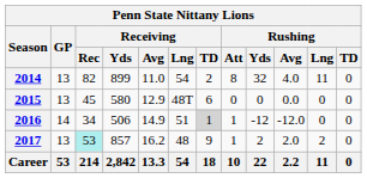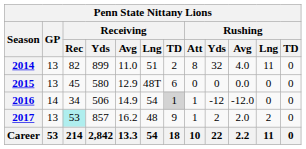 <table class=wikitable style="text-align:center;">
 <tr>
 <th colspan="12">Penn State Nittany Lions</th>
 </tr>
 <tr>
 <th rowspan="2">Season</th>
 <th rowspan="2">GP</th>
 <th colspan="5">Receiving</th>
 <th colspan="5">Rushing</th>
 </tr>
 <tr>
 <th>Rec</th>
 <th>Yds</th>
 <th>Avg</th>
 <th>Lng</th>
 <th>TD</th>
 <th>Att</th>
 <th>Yds</th>
 <th>Avg</th>
 <th>Lng</th>
 <th>TD</th>
 </tr>
 <tr>
 <th><a href='#'>2014</a></th>
 <td>13</td>
 <td>82</td>
 <td>899</td>
 <td>11.0</td>
-<td>54</td>
+<td>51</td>
 <td>2</td>
 <td>8</td>
 <td>32</td>
 <td>4.0</td>
 <td>11</td>
 <td>0</td>
 </tr>
 <tr>
 <th><a href='#'>2015</a></th>
 <td>13</td>
 <td>45</td>
 <td>580</td>
 <td>12.9</td>
 <td>48T</td>
 <td>6</td>
 <td>0</td>
 <td>0</td>
 <td>0.0</td>
 <td>0</td>
 <td>0</td>
 </tr>
 <tr>
 <th><a href='#'>2016</a></th>
 <td>14</td>
 <td>34</td>
 <td>506</td>
 <td>14.9</td>
-<td>51</td>
+<td>54</td>
 <td style="background: lightgrey;">1</td>
 <td>1</td>
 <td>-12</td>
 <td>-12.0</td>
 <td>0</td>
 <td>0</td>
 </tr>
 <tr>
 <th><a href='#'>2017</a></th>
 <td>13</td>
 <td style="background: paleturquoise;">53</td>
 <td>857</td>
 <td>16.2</td>
 <td>48</td>
 <td>9</td>
 <td>1</td>
 <td>2</td>
 <td>2.0</td>
 <td>2</td>
 <td>0</td>
 </tr>
 <tr>
 <th>Career</th>
 <th>53</th>
 <th>214</th>
 <th>2,842</th>
 <th>13.3</th>
 <th>54</th>
 <th>18</th>
 <th>10</th>
 <th>22</th>
 <th>2.2</th>
 <th>11</th>
 <th>0</th>
 </tr>
 </table>
